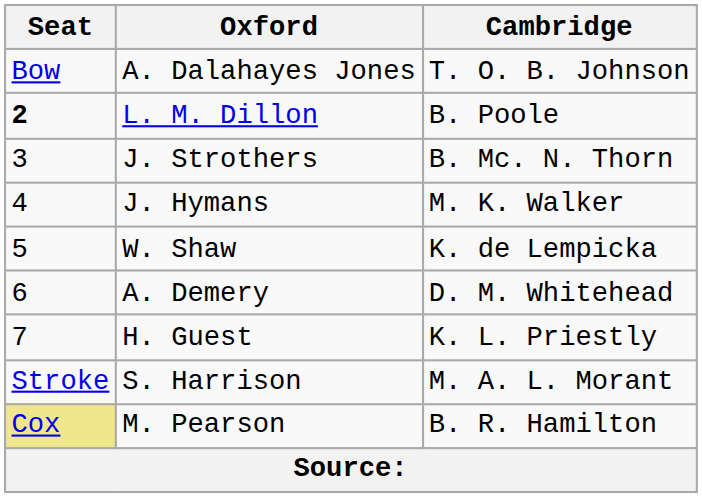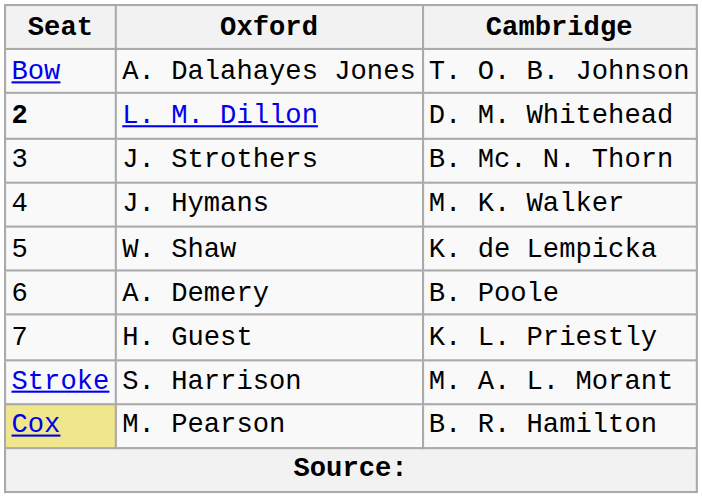 <table class="wikitable">
 <tr>
 <th rowspan="1" scope="col">Seat</th>
 <th colspan="1" scope="col">Oxford <br> </th>
 <th colspan="1" scope="col">Cambridge <br> </th>
 </tr>
 <tr>
 <td><a href='#'>Bow</a></td>
 <td>A. Dalahayes Jones</td>
 <td>T. O. B. Johnson</td>
 </tr>
 <tr>
 <td><strong>2</strong></td>
 <td><a href='#'>L. M. Dillon</a></td>
-<td>B. Poole</td>
+<td>D. M. Whitehead</td>
 </tr>
 <tr>
 <td>3</td>
 <td>J. Strothers</td>
 <td>B. Mc. N. Thorn</td>
 </tr>
 <tr>
 <td>4</td>
 <td>J. Hymans</td>
 <td>M. K. Walker</td>
 </tr>
 <tr>
 <td>5</td>
 <td>W. Shaw</td>
 <td>K. de Lempicka</td>
 </tr>
 <tr>
 <td>6</td>
 <td>A. Demery</td>
-<td>D. M. Whitehead</td>
+<td>B. Poole</td>
 </tr>
 <tr>
 <td>7</td>
 <td>H. Guest</td>
 <td>K. L. Priestly</td>
 </tr>
 <tr>
 <td><a href='#'>Stroke</a></td>
 <td>S. Harrison</td>
 <td>M. A. L. Morant</td>
 </tr>
 <tr>
 <td style="background: khaki;"><a href='#'>Cox</a></td>
 <td>M. Pearson</td>
 <td>B. R. Hamilton</td>
 </tr>
 <tr>
 <th colspan="7">Source:</th>
 </tr>
 </table>
